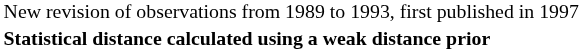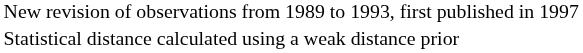 <table style="margin-right: 0; margin-left: 1em;">
 <tr>
 <td> New revision of observations from 1989 to 1993, first published in 1997</td>
 </tr>
 <tr>
-<td><strong> Statistical distance calculated using a weak distance prior</strong></td>
+<td> Statistical distance calculated using a weak distance prior</td>
 </tr>
 </table>
